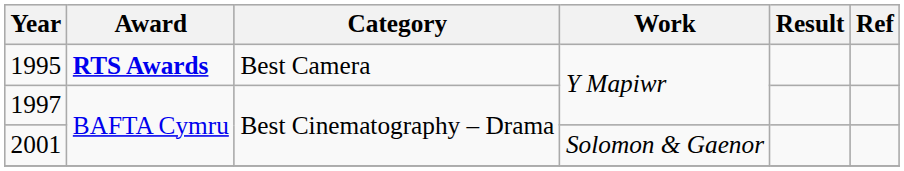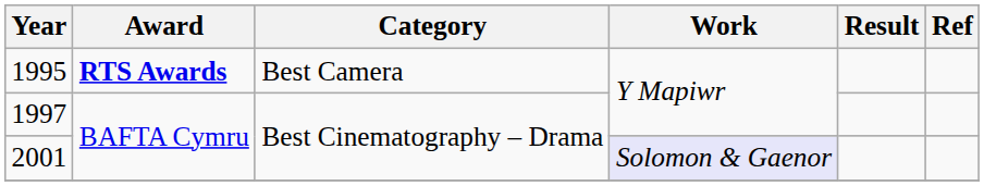 <table class="wikitable plainrowheaders">
 <tr>
 <th>Year</th>
 <th>Award</th>
 <th>Category</th>
 <th>Work</th>
 <th>Result</th>
 <th>Ref</th>
 </tr>
 <tr>
 <td>1995</td>
 <td><strong><a href='#'>RTS Awards</a></strong></td>
 <td>Best Camera</td>
 <td rowspan="2"><em>Y Mapiwr</em></td>
 <td></td>
 <td></td>
 </tr>
 <tr>
 <td>1997</td>
 <td rowspan="2"><a href='#'>BAFTA Cymru</a></td>
 <td rowspan="2">Best Cinematography – Drama</td>
 <td></td>
 <td></td>
 </tr>
 <tr>
 <td>2001</td>
-<td><em>Solomon & Gaenor</em></td>
+<td style="background: lavender;"><em>Solomon & Gaenor</em></td>
 <td></td>
 <td></td>
 </tr>
 <tr>
 </tr>
 </table>
